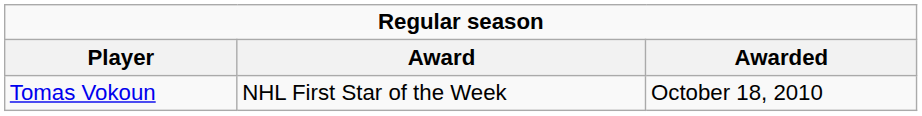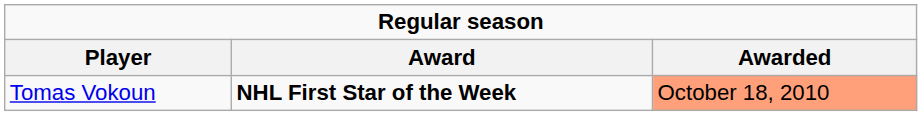 <table class="wikitable" width="52%">
 <tr>
 <td colspan="10" align="center"><strong>Regular season</strong></td>
 </tr>
 <tr>
 <th>Player</th>
 <th>Award</th>
 <th>Awarded</th>
 </tr>
 <tr>
 <td><a href='#'>Tomas Vokoun</a></td>
-<td>NHL First Star of the Week</td>
-<td>October 18, 2010</td>
+<td><strong>NHL First Star of the Week</strong></td>
+<td style="background: lightsalmon;">October 18, 2010</td>
 </tr>
 </table>
